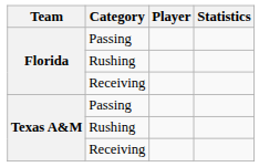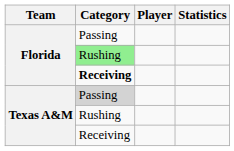 <table class="wikitable" style="float:right">
 <tr>
 <th>Team</th>
 <th>Category</th>
 <th>Player</th>
 <th>Statistics</th>
 </tr>
 <tr>
 <th rowspan=3>Florida</th>
 <td>Passing</td>
 <td></td>
 <td></td>
 </tr>
 <tr>
-<td>Rushing</td>
+<td style="background: lightgreen;">Rushing</td>
 <td></td>
 <td></td>
 </tr>
 <tr>
-<td>Receiving</td>
+<td><strong>Receiving</strong></td>
 <td></td>
 <td></td>
 </tr>
 <tr>
 <th rowspan=3>Texas A&M</th>
-<td>Passing</td>
+<td style="background: lightgrey;">Passing</td>
 <td></td>
 <td></td>
 </tr>
 <tr>
 <td>Rushing</td>
 <td></td>
 <td></td>
 </tr>
 <tr>
 <td>Receiving</td>
 <td></td>
 <td></td>
 </tr>
 </table>
